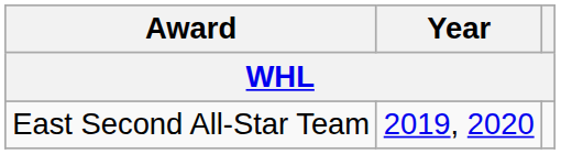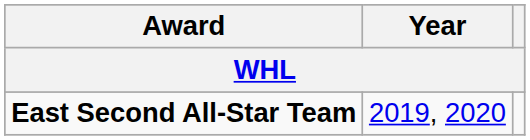 <table class="wikitable">
 <tr>
 <th>Award</th>
 <th>Year</th>
 <th></th>
 </tr>
 <tr ALIGN="center" bgcolor="#e0e0e0">
 <th colspan="3"><a href='#'>WHL</a></th>
 </tr>
 <tr>
-<td>East Second All-Star Team</td>
+<td><strong>East Second All-Star Team</strong></td>
 <td><a href='#'>2019</a>, <a href='#'>2020</a></td>
 <td></td>
 </tr>
 </table>
